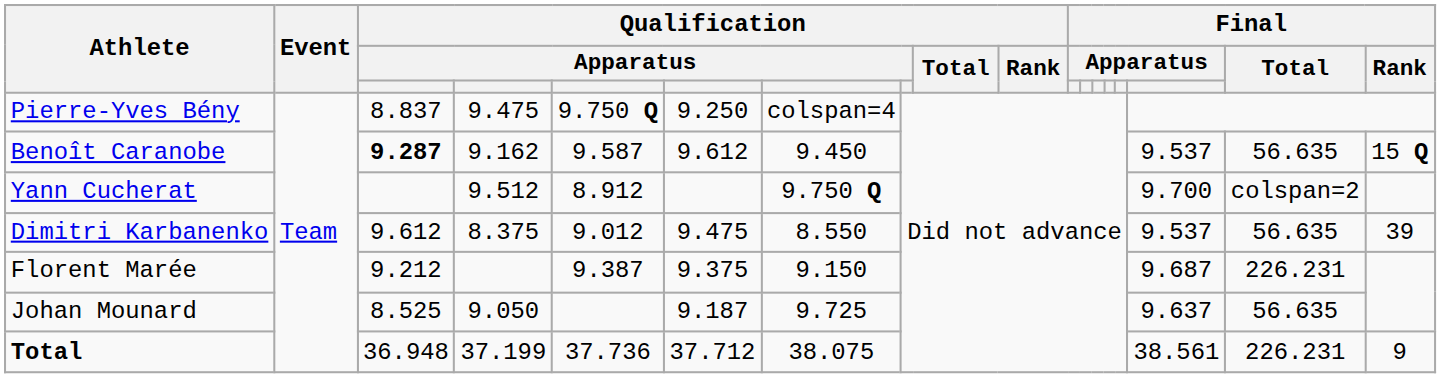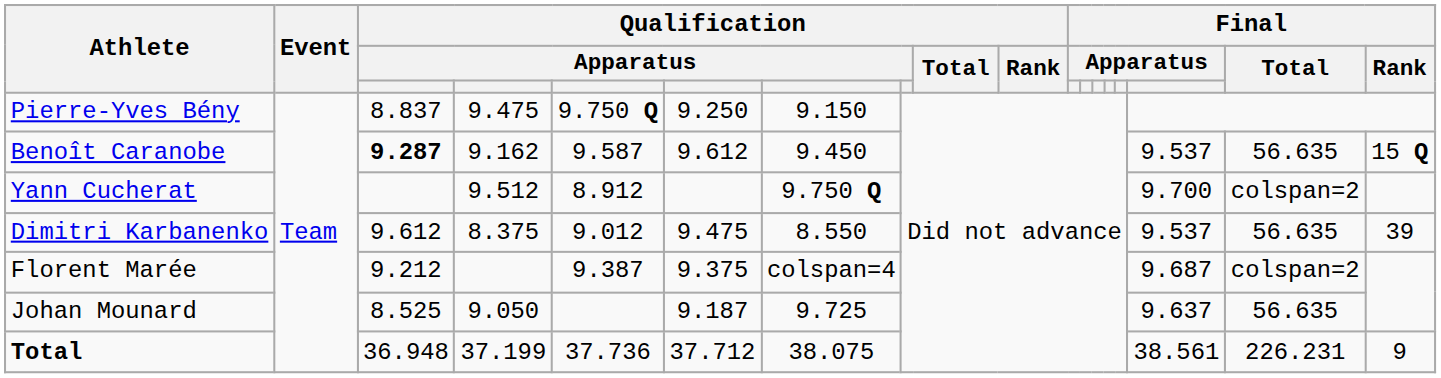 <table class="wikitable" style="font-size:90%">
 <tr>
 <th rowspan=3>Athlete</th>
 <th rowspan=3>Event</th>
 <th colspan =8>Qualification</th>
 <th colspan =8>Final</th>
 </tr>
 <tr style="font-size:95%">
 <th colspan=6>Apparatus</th>
 <th rowspan=2>Total</th>
 <th rowspan=2>Rank</th>
 <th colspan=6>Apparatus</th>
 <th rowspan=2>Total</th>
 <th rowspan=2>Rank</th>
 </tr>
 <tr style="font-size:95%">
 <th></th>
 <th></th>
 <th></th>
 <th></th>
 <th></th>
 <th></th>
 <th></th>
 <th></th>
 <th></th>
 <th></th>
 <th></th>
 <th></th>
 </tr>
 <tr align=center>
 <td align=left><a href='#'>Pierre-Yves Bény</a></td>
 <td align=left rowspan=7><a href='#'>Team</a></td>
 <td>8.837</td>
 <td>9.475</td>
 <td>9.750 <strong>Q</strong></td>
 <td>9.250</td>
-<td>colspan=4 </td>
+<td>9.150</td>
 <td rowspan=7 colspan=8>Did not advance</td>
 </tr>
 <tr align=center>
 <td align=left><a href='#'>Benoît Caranobe</a></td>
 <td><strong>9.287</strong></td>
 <td>9.162</td>
 <td>9.587</td>
 <td>9.612</td>
 <td>9.450</td>
 <td>9.537</td>
 <td>56.635</td>
 <td>15 <strong>Q</strong></td>
 </tr>
 <tr align=center>
 <td align=left><a href='#'>Yann Cucherat</a></td>
 <td></td>
 <td>9.512</td>
 <td>8.912</td>
 <td></td>
 <td>9.750 <strong>Q</strong></td>
 <td>9.700</td>
 <td>colspan=2 </td>
 </tr>
 <tr align=center>
 <td align=left><a href='#'>Dimitri Karbanenko</a></td>
 <td>9.612</td>
 <td>8.375</td>
 <td>9.012</td>
 <td>9.475</td>
 <td>8.550</td>
 <td>9.537</td>
 <td>56.635</td>
 <td>39</td>
 </tr>
 <tr align=center>
 <td align=left>Florent Marée</td>
 <td>9.212</td>
 <td></td>
 <td>9.387</td>
 <td>9.375</td>
-<td>9.150</td>
+<td>colspan=4 </td>
 <td>9.687</td>
-<td>226.231</td>
+<td>colspan=2 </td>
 </tr>
 <tr align=center>
 <td align=left>Johan Mounard</td>
 <td>8.525</td>
 <td>9.050</td>
 <td></td>
 <td>9.187</td>
 <td>9.725</td>
 <td>9.637</td>
 <td>56.635</td>
 </tr>
 <tr align=center>
 <td align=left><strong>Total</strong></td>
 <td>36.948</td>
 <td>37.199</td>
 <td>37.736</td>
 <td>37.712</td>
 <td>38.075</td>
 <td>38.561</td>
 <td>226.231</td>
 <td>9</td>
 </tr>
 </table>
